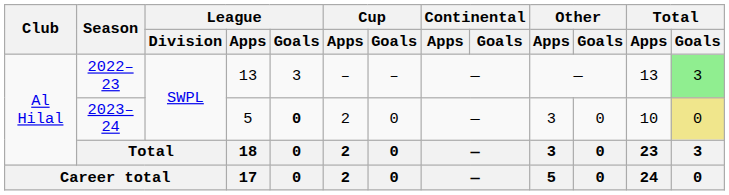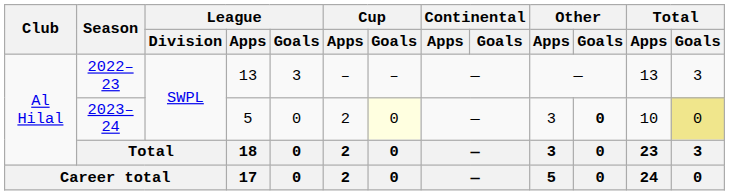 <table class="wikitable" style="text-align: center;">
 <tr>
 <th rowspan="2">Club</th>
 <th rowspan="2">Season</th>
 <th colspan="3">League</th>
 <th colspan="2">Cup</th>
 <th colspan="2">Continental</th>
 <th colspan="2">Other</th>
 <th colspan="2">Total</th>
 </tr>
 <tr>
 <th>Division</th>
 <th>Apps</th>
 <th>Goals</th>
 <th>Apps</th>
 <th>Goals</th>
 <th>Apps</th>
 <th>Goals</th>
 <th>Apps</th>
 <th>Goals</th>
 <th>Apps</th>
 <th>Goals</th>
 </tr>
 <tr>
 <td rowspan="3"><a href='#'>Al Hilal</a></td>
 <td><a href='#'>2022–23</a></td>
 <td rowspan="2"><a href='#'>SWPL</a></td>
 <td>13</td>
 <td>3</td>
 <td>–</td>
 <td>–</td>
 <td colspan="2">—</td>
 <td colspan="2">—</td>
 <td>13</td>
-<td style="background: lightgreen;">3</td>
+<td>3</td>
 </tr>
 <tr>
 <td><a href='#'>2023–24</a></td>
 <td>5</td>
-<td><strong>0</strong></td>
+<td>0</td>
 <td>2</td>
-<td>0</td>
+<td style="background: lightyellow;">0</td>
 <td colspan="2">—</td>
 <td>3</td>
-<td>0</td>
+<td><strong>0</strong></td>
 <td>10</td>
 <td style="background: khaki;">0</td>
 </tr>
 <tr>
 <th colspan="2">Total</th>
 <th>18</th>
 <th>0</th>
 <th>2</th>
 <th>0</th>
 <th colspan="2">—</th>
 <th>3</th>
 <th>0</th>
 <th>23</th>
 <th>3</th>
 </tr>
 <tr>
 <th colspan="3">Career total</th>
 <th>17</th>
 <th>0</th>
 <th>2</th>
 <th>0</th>
 <th colspan="2">—</th>
 <th>5</th>
 <th>0</th>
 <th>24</th>
 <th>0</th>
 </tr>
 </table>
